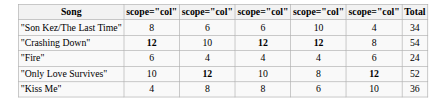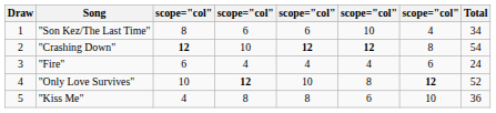 <table class="wikitable collapsible" style="margin: 1em auto 1em auto; text-align:center;">
 <tr>
+<th>Draw</th>
 <th>Song</th>
 <th>scope="col" </th>
 <th>scope="col" </th>
 <th>scope="col" </th>
 <th>scope="col" </th>
 <th>scope="col" </th>
 <th>Total</th>
 </tr>
 <tr>
+<td>1</td>
 <td align="left">"Son Kez/The Last Time"</td>
 <td>8</td>
 <td>6</td>
 <td>6</td>
 <td>10</td>
 <td>4</td>
 <td>34</td>
 </tr>
 <tr>
+<td>2</td>
 <td align="left">"Crashing Down"</td>
 <td><strong>12</strong></td>
 <td>10</td>
 <td><strong>12</strong></td>
 <td><strong>12</strong></td>
 <td>8</td>
 <td>54</td>
 </tr>
 <tr>
+<td>3</td>
 <td align="left">"Fire"</td>
 <td>6</td>
 <td>4</td>
 <td>4</td>
 <td>4</td>
 <td>6</td>
 <td>24</td>
 </tr>
 <tr>
+<td>4</td>
 <td align="left">"Only Love Survives"</td>
 <td>10</td>
 <td><strong>12</strong></td>
 <td>10</td>
 <td>8</td>
 <td><strong>12</strong></td>
 <td>52</td>
 </tr>
 <tr>
+<td>5</td>
 <td align="left">"Kiss Me"</td>
 <td>4</td>
 <td>8</td>
 <td>8</td>
 <td>6</td>
 <td>10</td>
 <td>36</td>
 </tr>
 </table>
